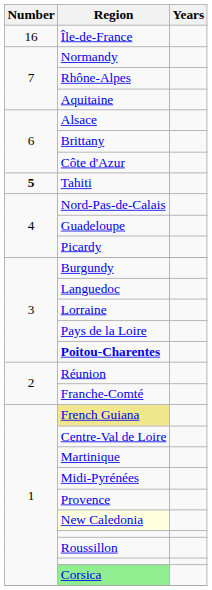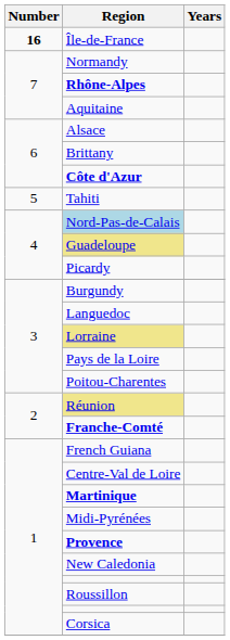 <table class="wikitable centre">
 <tr>
 <th>Number</th>
 <th>Region</th>
 <th>Years</th>
 </tr>
 <tr>
-<td rowspan="1" align="center">16</td>
+<td rowspan="1" align="center"><strong>16</strong></td>
 <td> <a href='#'>Île-de-France</a></td>
 <td></td>
 </tr>
 <tr>
 <td rowspan="3" align="center">7</td>
 <td> <a href='#'>Normandy</a></td>
 <td></td>
 </tr>
 <tr>
-<td> <a href='#'>Rhône-Alpes</a></td>
+<td><strong> <a href='#'>Rhône-Alpes</a></strong></td>
 <td></td>
 </tr>
 <tr>
 <td> <a href='#'>Aquitaine</a></td>
 <td></td>
 </tr>
 <tr>
 <td rowspan="3"align="center">6</td>
 <td> <a href='#'>Alsace</a></td>
 <td></td>
 </tr>
 <tr>
 <td> <a href='#'>Brittany</a></td>
 <td></td>
 </tr>
 <tr>
-<td> <a href='#'>Côte d'Azur</a></td>
+<td><strong> <a href='#'>Côte d'Azur</a></strong></td>
 <td></td>
 </tr>
 <tr>
-<td rowspan="1" align="center"><strong>5</strong></td>
+<td rowspan="1" align="center">5</td>
 <td> <a href='#'>Tahiti</a></td>
 <td></td>
 </tr>
 <tr>
 <td rowspan="3" align="center">4</td>
-<td> <a href='#'>Nord-Pas-de-Calais</a></td>
+<td style="background: lightblue;"> <a href='#'>Nord-Pas-de-Calais</a></td>
 <td></td>
 </tr>
 <tr>
-<td> <a href='#'>Guadeloupe</a></td>
+<td style="background: khaki;"> <a href='#'>Guadeloupe</a></td>
 <td></td>
 </tr>
 <tr>
 <td> <a href='#'>Picardy</a></td>
 <td></td>
 </tr>
 <tr>
 <td rowspan="6" align="center">3</td>
 </tr>
 <tr>
 <td> <a href='#'>Burgundy</a></td>
 <td></td>
 </tr>
 <tr>
 <td> <a href='#'>Languedoc</a></td>
 <td></td>
 </tr>
 <tr>
-<td> <a href='#'>Lorraine</a></td>
+<td style="background: khaki;"> <a href='#'>Lorraine</a></td>
 <td></td>
 </tr>
 <tr>
 <td> <a href='#'>Pays de la Loire</a></td>
 <td></td>
 </tr>
 <tr>
-<td><strong> <a href='#'>Poitou-Charentes</a></strong></td>
+<td> <a href='#'>Poitou-Charentes</a></td>
 <td></td>
 </tr>
 <tr>
 <td rowspan="2" align="center">2</td>
-<td> <a href='#'>Réunion</a></td>
+<td style="background: khaki;"> <a href='#'>Réunion</a></td>
 <td></td>
 </tr>
 <tr>
-<td> <a href='#'>Franche-Comté</a></td>
+<td><strong> <a href='#'>Franche-Comté</a></strong></td>
 <td></td>
 </tr>
 <tr>
 <td rowspan="10" align="center">1</td>
-<td style="background: khaki;"> <a href='#'>French Guiana</a></td>
+<td> <a href='#'>French Guiana</a></td>
 <td></td>
 </tr>
 <tr>
 <td> <a href='#'>Centre-Val de Loire</a></td>
 <td></td>
 </tr>
 <tr>
-<td> <a href='#'>Martinique</a></td>
+<td><strong> <a href='#'>Martinique</a></strong></td>
 <td></td>
 </tr>
 <tr>
 <td> <a href='#'>Midi-Pyrénées</a></td>
 <td></td>
 </tr>
 <tr>
-<td> <a href='#'>Provence</a></td>
+<td><strong> <a href='#'>Provence</a></strong></td>
 <td></td>
 </tr>
 <tr>
-<td style="background: lightyellow;"> <a href='#'>New Caledonia</a></td>
+<td> <a href='#'>New Caledonia</a></td>
 <td></td>
 </tr>
 <tr>
 <td></td>
 <td></td>
 </tr>
 <tr>
 <td> <a href='#'>Roussillon</a></td>
 <td></td>
 </tr>
 <tr>
 <td></td>
 <td></td>
 </tr>
 <tr>
-<td style="background: lightgreen;"> <a href='#'>Corsica</a></td>
+<td> <a href='#'>Corsica</a></td>
 <td></td>
 </tr>
 <tr>
 </tr>
 </table>
